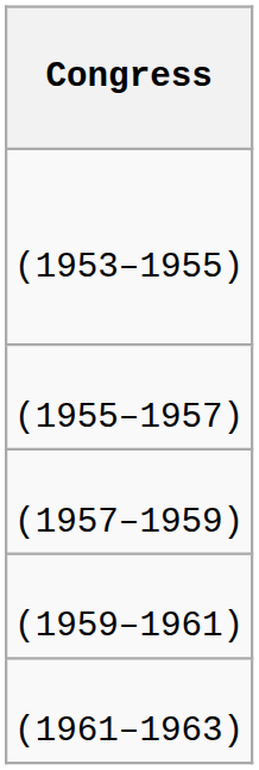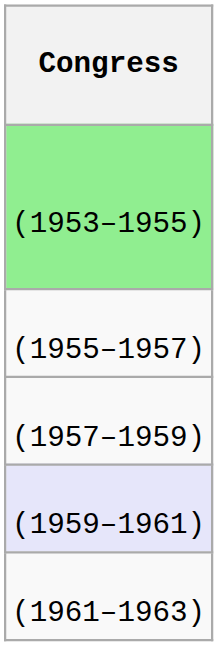 <table class="wikitable" style="float:left; margin:0; margin-right:-0.5px; margin-top:14px; text-align:center;">
 <tr style="white-space:nowrap; height:4.04em;">
 <th>Congress</th>
 </tr>
 <tr style="white-space:nowrap; height:5.64em;">
-<td><strong></strong><br>(1953–1955)</td>
+<td style="background: lightgreen;"><strong></strong><br>(1953–1955)</td>
 </tr>
 <tr style="white-space:nowrap; height:3em">
 <td><strong></strong><br>(1955–1957)</td>
 </tr>
 <tr style="white-space:nowrap; height:3em">
 <td><strong></strong><br>(1957–1959)</td>
 </tr>
 <tr style="white-space:nowrap; height:3em">
-<td><strong></strong><br>(1959–1961)</td>
+<td style="background: lavender;"><strong></strong><br>(1959–1961)</td>
 </tr>
 <tr style="white-space:nowrap; height:3em">
 <td><strong></strong><br>(1961–1963)</td>
 </tr>
 </table>
